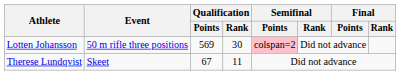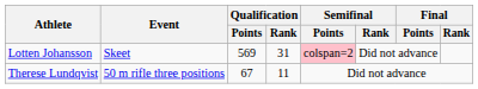 <table class="wikitable" style="font-size:90%">
 <tr>
 <th rowspan="2">Athlete</th>
 <th rowspan="2">Event</th>
 <th colspan=2>Qualification</th>
 <th colspan=2>Semifinal</th>
 <th colspan=2>Final</th>
 </tr>
 <tr style="font-size:95%">
 <th>Points</th>
 <th>Rank</th>
 <th>Points</th>
 <th>Rank</th>
 <th>Points</th>
 <th>Rank</th>
 </tr>
 <tr align=center>
 <td align=left><a href='#'>Lotten Johansson</a></td>
-<td align=left><a href='#'>50 m rifle three positions</a></td>
+<td align=left><a href='#'>Skeet</a></td>
 <td>569</td>
-<td>30</td>
+<td>31</td>
 <td style="background: pink;">colspan=2 </td>
 <td colspan=2>Did not advance</td>
 </tr>
 <tr align=center>
 <td align=left><a href='#'>Therese Lundqvist</a></td>
-<td align=left><a href='#'>Skeet</a></td>
+<td align=left><a href='#'>50 m rifle three positions</a></td>
 <td>67</td>
 <td>11</td>
 <td colspan=4>Did not advance</td>
 </tr>
 </table>
